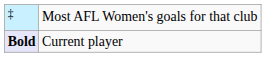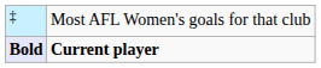 <table class=wikitable>
 <tr>
 <td bgcolor=C9F0FF><sup>‡</sup></td>
 <td>Most AFL Women's goals for that club</td>
 </tr>
 <tr>
 <td bgcolor=E6E6FA><strong>Bold</strong></td>
-<td>Current player</td>
+<td><strong>Current player</strong></td>
 </tr>
 </table>
